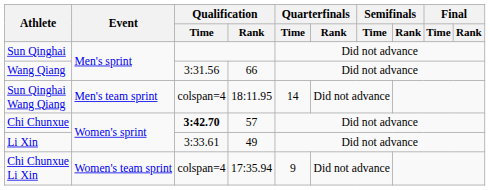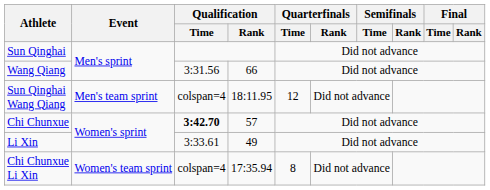 <table class="wikitable" style="font-size:90%">
 <tr>
 <th rowspan=2>Athlete</th>
 <th rowspan=2>Event</th>
 <th colspan=2>Qualification</th>
 <th colspan=2>Quarterfinals</th>
 <th colspan=2>Semifinals</th>
 <th colspan=2>Final</th>
 </tr>
 <tr style="font-size:95%">
 <th>Time</th>
 <th>Rank</th>
 <th>Time</th>
 <th>Rank</th>
 <th>Time</th>
 <th>Rank</th>
 <th>Time</th>
 <th>Rank</th>
 </tr>
 <tr align=center>
 <td align=left><a href='#'>Sun Qinghai</a></td>
 <td align=left rowspan=2><a href='#'>Men's sprint</a></td>
 <td colspan=2></td>
 <td colspan=6>Did not advance</td>
 </tr>
 <tr align=center>
 <td align=left><a href='#'>Wang Qiang</a></td>
 <td>3:31.56</td>
 <td>66</td>
 <td colspan=6>Did not advance</td>
 </tr>
 <tr align=center>
 <td align=left><a href='#'>Sun Qinghai</a><br><a href='#'>Wang Qiang</a></td>
 <td align=left><a href='#'>Men's team sprint</a></td>
 <td>colspan=4 </td>
 <td>18:11.95</td>
-<td>14</td>
+<td>12</td>
 <td colspan=2>Did not advance</td>
 </tr>
 <tr align=center>
 <td align=left><a href='#'>Chi Chunxue</a></td>
 <td align=left rowspan=2><a href='#'>Women's sprint</a></td>
 <td><strong>3:42.70</strong></td>
 <td>57</td>
 <td colspan=6>Did not advance</td>
 </tr>
 <tr align=center>
 <td align=left><a href='#'>Li Xin</a></td>
 <td>3:33.61</td>
 <td>49</td>
 <td colspan=6>Did not advance</td>
 </tr>
 <tr align=center>
 <td align=left><a href='#'>Chi Chunxue</a><br><a href='#'>Li Xin</a></td>
 <td align=left><a href='#'>Women's team sprint</a></td>
 <td>colspan=4 </td>
 <td>17:35.94</td>
-<td>9</td>
+<td>8</td>
 <td colspan=2>Did not advance</td>
 </tr>
 </table>
